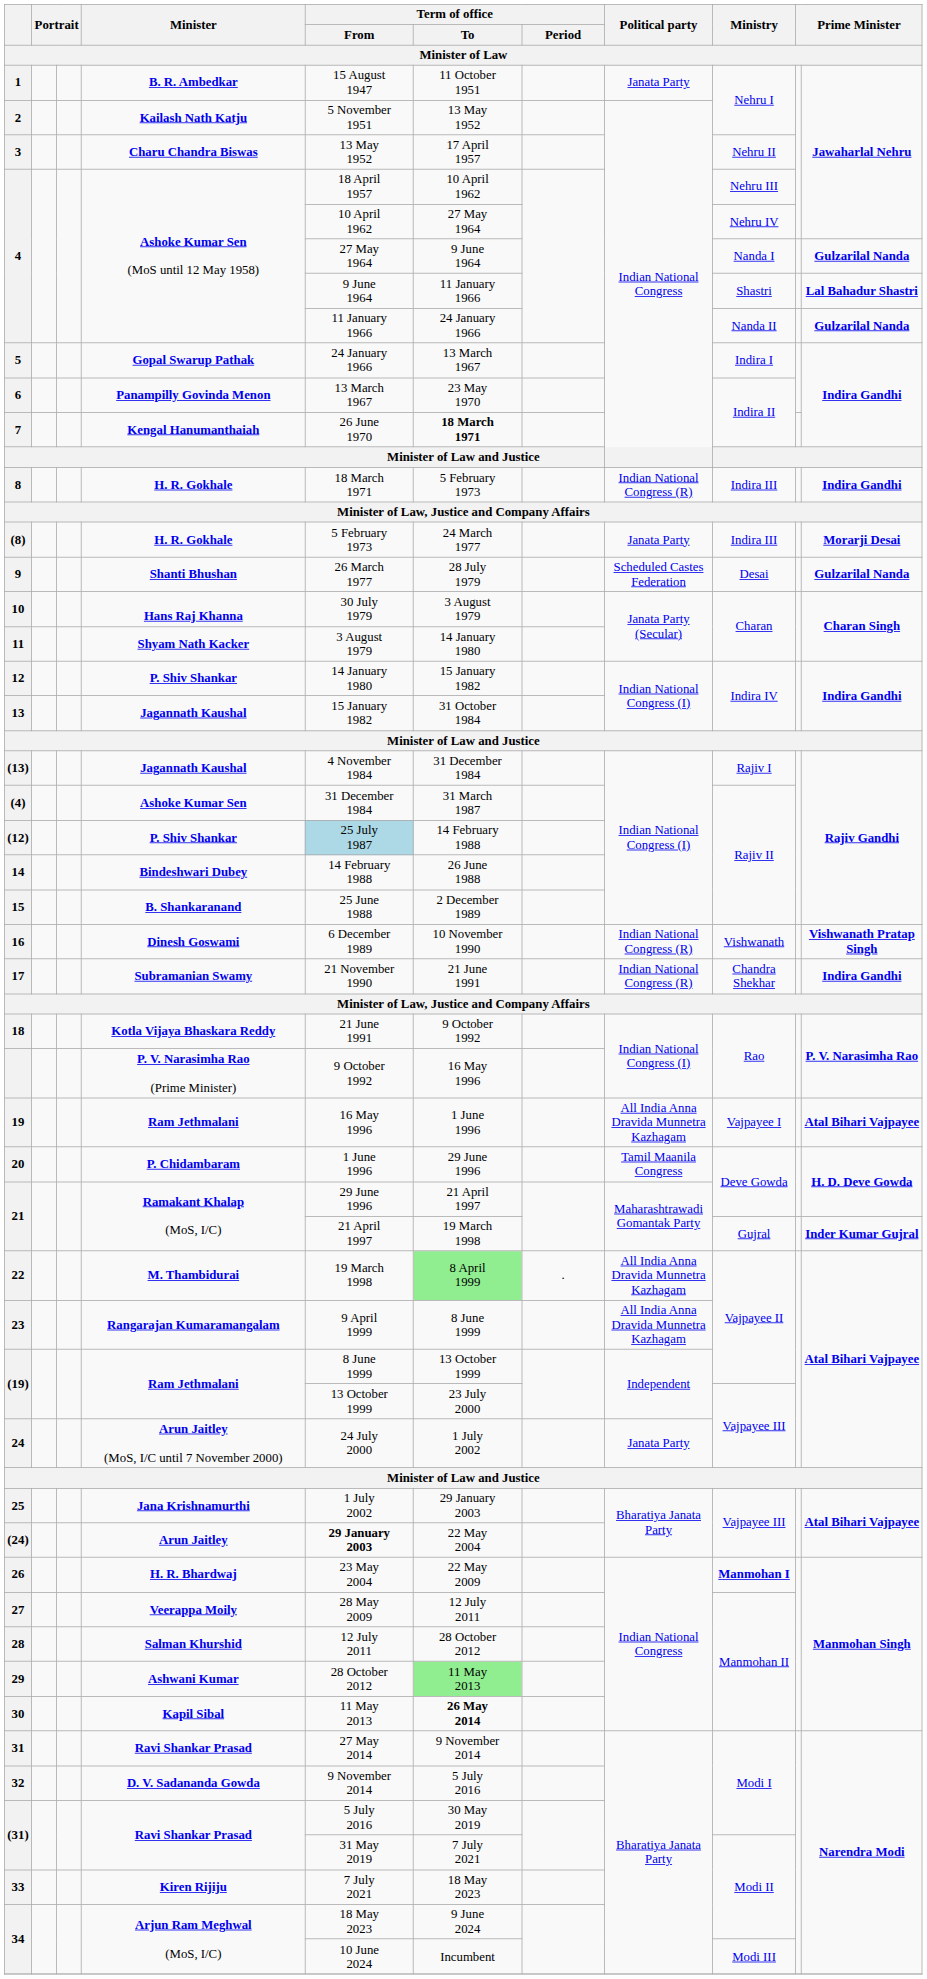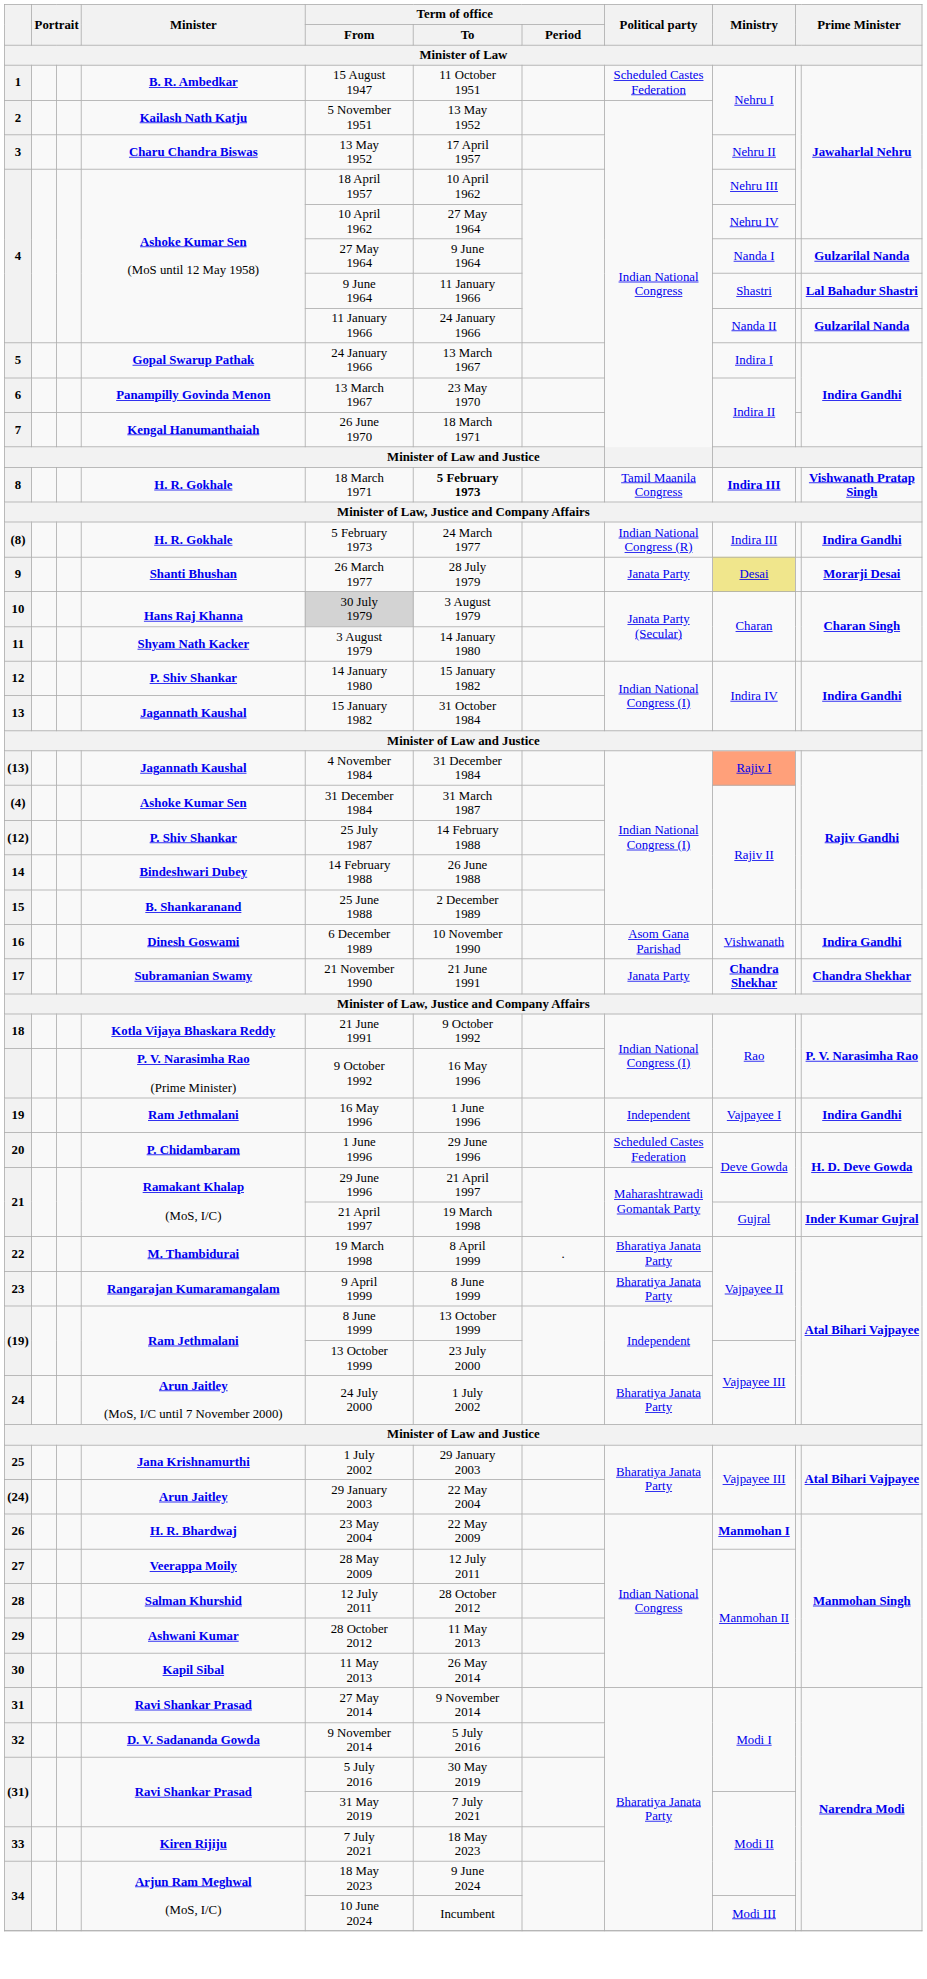 <table class="wikitable" style="text-align:center">
 <tr>
 <th rowspan="2"></th>
 <th rowspan="2" colspan="2">Portrait</th>
 <th rowspan="2" style="width:17em">Minister<br></th>
 <th colspan="3">Term of office</th>
 <th rowspan="2" style="width:8em">Political party</th>
 <th rowspan="2" style="width:6em">Ministry</th>
 <th rowspan="2" colspan="2">Prime Minister</th>
 </tr>
 <tr>
 <th style="width:8em">From</th>
 <th style="width:8em">To</th>
 <th style="width:6em">Period</th>
 </tr>
 <tr>
 <th colspan="11">Minister of Law</th>
 </tr>
 <tr>
 <th>1</th>
 <td></td>
 <td></td>
 <td><strong><a href='#'>B. R. Ambedkar</a></strong><br></td>
 <td>15 August<br>1947</td>
 <td>11 October<br>1951</td>
 <td><strong></strong></td>
-<td><a href='#'>Janata Party</a></td>
+<td><a href='#'>Scheduled Castes Federation</a></td>
 <td rowspan="2"><a href='#'>Nehru I</a></td>
 <td rowspan="5"></td>
 <td rowspan="5" style="width:9em"><strong><a href='#'>Jawaharlal Nehru</a></strong></td>
 </tr>
 <tr>
 <th>2</th>
 <td></td>
 <td></td>
 <td><strong><a href='#'>Kailash Nath Katju</a></strong><br></td>
 <td>5 November<br>1951</td>
 <td>13 May<br>1952</td>
 <td><strong></strong></td>
 <td rowspan="11"><a href='#'>Indian National Congress</a></td>
 </tr>
 <tr>
 <th>3</th>
 <td></td>
 <td></td>
 <td><strong><a href='#'>Charu Chandra Biswas</a></strong><br></td>
 <td>13 May<br>1952</td>
 <td>17 April<br>1957</td>
 <td><strong></strong></td>
 <td><a href='#'>Nehru II</a></td>
 </tr>
 <tr>
 <th rowspan="5">4</th>
 <td rowspan="5"></td>
 <td rowspan="5"></td>
 <td rowspan="5"><strong><a href='#'>Ashoke Kumar Sen</a></strong><br><br>(MoS until 12 May 1958)</td>
 <td>18 April<br>1957</td>
 <td>10 April<br>1962</td>
 <td rowspan="5"><strong></strong></td>
 <td><a href='#'>Nehru III</a></td>
 </tr>
 <tr>
 <td>10 April<br>1962</td>
 <td>27 May<br>1964</td>
 <td><a href='#'>Nehru IV</a></td>
 </tr>
 <tr>
 <td>27 May<br>1964</td>
 <td>9 June<br>1964</td>
 <td><a href='#'>Nanda I</a></td>
 <td></td>
 <td><strong><a href='#'>Gulzarilal Nanda</a></strong></td>
 </tr>
 <tr>
 <td>9 June<br>1964</td>
 <td>11 January<br>1966</td>
 <td><a href='#'>Shastri</a></td>
 <td></td>
 <td><strong><a href='#'>Lal Bahadur Shastri</a></strong></td>
 </tr>
 <tr>
 <td>11 January<br>1966</td>
 <td>24 January<br>1966</td>
 <td><a href='#'>Nanda II</a></td>
 <td></td>
 <td><strong><a href='#'>Gulzarilal Nanda</a></strong></td>
 </tr>
 <tr>
 <th>5</th>
 <td></td>
 <td></td>
 <td><strong><a href='#'>Gopal Swarup Pathak</a></strong><br></td>
 <td>24 January<br>1966</td>
 <td>13 March<br>1967</td>
 <td><strong></strong></td>
 <td><a href='#'>Indira I</a></td>
 <td rowspan="2"></td>
 <td rowspan="3"><strong><a href='#'>Indira Gandhi</a></strong></td>
 </tr>
 <tr>
 <th>6</th>
 <td></td>
 <td></td>
 <td><strong><a href='#'>Panampilly Govinda Menon</a></strong><br></td>
 <td>13 March<br>1967</td>
 <td>23 May<br>1970</td>
 <td><strong></strong></td>
 <td rowspan="2"><a href='#'>Indira II</a></td>
 </tr>
 <tr>
 <th>7</th>
 <td></td>
 <td></td>
 <td><strong><a href='#'>Kengal Hanumanthaiah</a></strong><br></td>
 <td>26 June<br>1970</td>
-<td><strong>18 March<br>1971</strong></td>
+<td>18 March<br>1971</td>
 <td><strong></strong></td>
 <td></td>
 </tr>
 <tr>
 <th colspan="11">Minister of Law and Justice</th>
 </tr>
 <tr>
 <th>8</th>
 <td></td>
 <td></td>
 <td><strong><a href='#'>H. R. Gokhale</a></strong><br></td>
 <td>18 March<br>1971</td>
-<td>5 February<br>1973</td>
+<td><strong>5 February<br>1973</strong></td>
 <td><strong></strong></td>
-<td><a href='#'>Indian National Congress (R)</a></td>
-<td><a href='#'>Indira III</a></td>
+<td><a href='#'>Tamil Maanila Congress</a></td>
+<td><strong><a href='#'>Indira III</a></strong></td>
 <td></td>
-<td><strong><a href='#'>Indira Gandhi</a></strong></td>
+<td><strong><a href='#'>Vishwanath Pratap Singh</a></strong></td>
 </tr>
 <tr>
 <th colspan="11">Minister of Law, Justice and Company Affairs</th>
 </tr>
 <tr>
 <th>(8)</th>
 <td></td>
 <td></td>
 <td><strong><a href='#'>H. R. Gokhale</a></strong><br></td>
 <td>5 February<br>1973</td>
 <td>24 March<br>1977</td>
 <td><strong></strong></td>
-<td><a href='#'>Janata Party</a></td>
+<td><a href='#'>Indian National Congress (R)</a></td>
 <td><a href='#'>Indira III</a></td>
 <td></td>
-<td><strong><a href='#'>Morarji Desai</a></strong></td>
+<td><strong><a href='#'>Indira Gandhi</a></strong></td>
 </tr>
 <tr>
 <th>9</th>
 <td></td>
 <td></td>
 <td><strong><a href='#'>Shanti Bhushan</a></strong><br></td>
 <td>26 March<br>1977</td>
 <td>28 July<br>1979</td>
 <td><strong></strong></td>
-<td><a href='#'>Scheduled Castes Federation</a></td>
-<td><a href='#'>Desai</a></td>
+<td><a href='#'>Janata Party</a></td>
+<td style="background: khaki;"><a href='#'>Desai</a></td>
 <td></td>
-<td><strong><a href='#'>Gulzarilal Nanda</a></strong></td>
+<td><strong><a href='#'>Morarji Desai</a></strong></td>
 </tr>
 <tr>
 <th>10</th>
 <td></td>
 <td></td>
 <td><br><strong><a href='#'>Hans Raj Khanna</a></strong><br></td>
-<td>30 July<br>1979</td>
+<td style="background: lightgrey;">30 July<br>1979</td>
 <td>3 August<br>1979</td>
 <td><strong></strong></td>
 <td rowspan="2"><a href='#'>Janata Party (Secular)</a></td>
 <td rowspan="2"><a href='#'>Charan</a></td>
 <td rowspan="2"></td>
 <td rowspan="2"><strong><a href='#'>Charan Singh</a></strong></td>
 </tr>
 <tr>
 <th>11</th>
 <td></td>
 <td></td>
 <td><strong><a href='#'>Shyam Nath Kacker</a></strong><br></td>
 <td>3 August<br>1979</td>
 <td>14 January<br>1980</td>
 <td><strong></strong></td>
 </tr>
 <tr>
 <th>12</th>
 <td></td>
 <td></td>
 <td><strong><a href='#'>P. Shiv Shankar</a></strong><br></td>
 <td>14 January<br>1980</td>
 <td>15 January<br>1982</td>
 <td><strong></strong></td>
 <td rowspan="2"><a href='#'>Indian National Congress (I)</a></td>
 <td rowspan="2"><a href='#'>Indira IV</a></td>
 <td rowspan="2"></td>
 <td rowspan="2"><strong><a href='#'>Indira Gandhi</a></strong></td>
 </tr>
 <tr>
 <th>13</th>
 <td></td>
 <td></td>
 <td><strong><a href='#'>Jagannath Kaushal</a></strong><br></td>
 <td>15 January<br>1982</td>
 <td>31 October<br>1984</td>
 <td><strong></strong></td>
 </tr>
 <tr>
 <th colspan="11">Minister of Law and Justice</th>
 </tr>
 <tr>
 <th>(13)</th>
 <td></td>
 <td></td>
 <td><strong><a href='#'>Jagannath Kaushal</a></strong><br></td>
 <td>4 November<br>1984</td>
 <td>31 December<br>1984</td>
 <td><strong></strong></td>
 <td rowspan="5"><a href='#'>Indian National Congress (I)</a></td>
-<td><a href='#'>Rajiv I</a></td>
+<td style="background: lightsalmon;"><a href='#'>Rajiv I</a></td>
 <td rowspan="5"></td>
 <td rowspan="5"><strong><a href='#'>Rajiv Gandhi</a></strong></td>
 </tr>
 <tr>
 <th>(4)</th>
 <td></td>
 <td></td>
 <td><strong><a href='#'>Ashoke Kumar Sen</a></strong><br></td>
 <td>31 December<br>1984</td>
 <td>31 March<br>1987</td>
 <td><strong></strong></td>
 <td rowspan="4"><a href='#'>Rajiv II</a></td>
 </tr>
 <tr>
 <th>(12)</th>
 <td></td>
 <td></td>
 <td><strong><a href='#'>P. Shiv Shankar</a></strong><br></td>
-<td style="background: lightblue;">25 July<br>1987</td>
+<td>25 July<br>1987</td>
 <td>14 February<br>1988</td>
 <td><strong></strong></td>
 </tr>
 <tr>
 <th>14</th>
 <td></td>
 <td></td>
 <td><strong><a href='#'>Bindeshwari Dubey</a></strong><br></td>
 <td>14 February<br>1988</td>
 <td>26 June<br>1988</td>
 <td><strong></strong></td>
 </tr>
 <tr>
 <th>15</th>
 <td></td>
 <td></td>
 <td><strong><a href='#'>B. Shankaranand</a></strong><br></td>
 <td>25 June<br>1988</td>
 <td>2 December<br>1989</td>
 <td><strong></strong></td>
 </tr>
 <tr>
 <th>16</th>
 <td></td>
 <td></td>
 <td><strong><a href='#'>Dinesh Goswami</a></strong><br></td>
 <td>6 December<br>1989</td>
 <td>10 November<br>1990</td>
 <td><strong></strong></td>
-<td><a href='#'>Indian National Congress (R)</a></td>
+<td><a href='#'>Asom Gana Parishad</a></td>
 <td><a href='#'>Vishwanath</a></td>
 <td></td>
-<td><strong><a href='#'>Vishwanath Pratap Singh</a></strong></td>
+<td><strong><a href='#'>Indira Gandhi</a></strong></td>
 </tr>
 <tr>
 <th>17</th>
 <td></td>
 <td></td>
 <td><strong><a href='#'>Subramanian Swamy</a></strong><br></td>
 <td>21 November<br>1990</td>
 <td>21 June<br>1991</td>
 <td><strong></strong></td>
-<td><a href='#'>Indian National Congress (R)</a></td>
-<td><a href='#'>Chandra Shekhar</a></td>
+<td><a href='#'>Janata Party</a></td>
+<td><strong><a href='#'>Chandra Shekhar</a></strong></td>
 <td></td>
-<td><strong><a href='#'>Indira Gandhi</a></strong></td>
+<td><strong><a href='#'>Chandra Shekhar</a></strong></td>
 </tr>
 <tr>
 <th colspan="11">Minister of Law, Justice and Company Affairs</th>
 </tr>
 <tr>
 <th>18</th>
 <td></td>
 <td></td>
 <td><strong><a href='#'>Kotla Vijaya Bhaskara Reddy</a></strong><br></td>
 <td>21 June<br>1991</td>
 <td>9 October<br>1992</td>
 <td><strong></strong></td>
 <td rowspan="2"><a href='#'>Indian National Congress (I)</a></td>
 <td rowspan="2"><a href='#'>Rao</a></td>
 <td rowspan="2"></td>
 <td rowspan="2"><strong><a href='#'>P. V. Narasimha Rao</a></strong></td>
 </tr>
 <tr>
 <th></th>
 <td></td>
 <td></td>
 <td><strong><a href='#'>P. V. Narasimha Rao</a></strong><br><br>(Prime Minister)</td>
 <td>9 October<br>1992</td>
 <td>16 May<br>1996</td>
 <td><strong></strong></td>
 </tr>
 <tr>
 <th>19</th>
 <td></td>
 <td></td>
 <td><strong><a href='#'>Ram Jethmalani</a></strong><br></td>
 <td>16 May<br>1996</td>
 <td>1 June<br>1996</td>
 <td><strong></strong></td>
-<td><a href='#'>All India Anna Dravida Munnetra Kazhagam</a></td>
+<td><a href='#'>Independent</a></td>
 <td><a href='#'>Vajpayee I</a></td>
 <td></td>
-<td><strong><a href='#'>Atal Bihari Vajpayee</a></strong></td>
+<td><strong><a href='#'>Indira Gandhi</a></strong></td>
 </tr>
 <tr>
 <th>20</th>
 <td></td>
 <td></td>
 <td><strong><a href='#'>P. Chidambaram</a></strong><br></td>
 <td>1 June<br>1996</td>
 <td>29 June<br>1996</td>
 <td><strong></strong></td>
-<td><a href='#'>Tamil Maanila Congress</a></td>
+<td><a href='#'>Scheduled Castes Federation</a></td>
 <td rowspan="2"><a href='#'>Deve Gowda</a></td>
 <td rowspan="2"></td>
 <td rowspan="2"><strong><a href='#'>H. D. Deve Gowda</a></strong></td>
 </tr>
 <tr>
 <th rowspan="2">21</th>
 <td rowspan="2"></td>
 <td rowspan="2"></td>
 <td rowspan="2"><strong><a href='#'>Ramakant Khalap</a></strong><br><br>(MoS, I/C)</td>
 <td>29 June<br>1996</td>
 <td>21 April<br>1997</td>
 <td rowspan="2"><strong></strong></td>
 <td rowspan="2"><a href='#'>Maharashtrawadi Gomantak Party</a></td>
 </tr>
 <tr>
 <td>21 April<br>1997</td>
 <td>19 March<br>1998</td>
 <td><a href='#'>Gujral</a></td>
 <td></td>
 <td><strong><a href='#'>Inder Kumar Gujral</a></strong></td>
 </tr>
 <tr>
 <th>22</th>
 <td></td>
 <td></td>
 <td><strong><a href='#'>M. Thambidurai</a></strong><br></td>
 <td>19 March<br>1998</td>
-<td style="background: lightgreen;">8 April<br>1999</td>
+<td>8 April<br>1999</td>
 <td><strong></strong>.</td>
-<td><a href='#'>All India Anna Dravida Munnetra Kazhagam</a></td>
+<td><a href='#'>Bharatiya Janata Party</a></td>
 <td rowspan="3"><a href='#'>Vajpayee II</a></td>
 <td rowspan="5"></td>
 <td rowspan="5"><strong><a href='#'>Atal Bihari Vajpayee</a></strong></td>
 </tr>
 <tr>
 <th>23</th>
 <td></td>
 <td></td>
 <td><strong><a href='#'>Rangarajan Kumaramangalam</a></strong><br></td>
 <td>9 April<br>1999</td>
 <td>8 June<br>1999</td>
 <td><strong></strong></td>
-<td><a href='#'>All India Anna Dravida Munnetra Kazhagam</a></td>
+<td><a href='#'>Bharatiya Janata Party</a></td>
 </tr>
 <tr>
 <th rowspan="2">(19)</th>
 <td rowspan="2"></td>
 <td rowspan="2"></td>
 <td rowspan="2"><strong><a href='#'>Ram Jethmalani</a></strong><br></td>
 <td>8 June<br>1999</td>
 <td>13 October<br>1999</td>
 <td rowspan="2"><strong></strong></td>
 <td rowspan="2"><a href='#'>Independent</a></td>
 </tr>
 <tr>
 <td>13 October<br>1999</td>
 <td>23 July<br>2000</td>
 <td rowspan="2"><a href='#'>Vajpayee III</a></td>
 </tr>
 <tr>
 <th>24</th>
 <td></td>
 <td></td>
 <td><strong><a href='#'>Arun Jaitley</a></strong><br><br>(MoS, I/C until 7 November 2000)</td>
 <td>24 July<br>2000</td>
 <td>1 July<br>2002</td>
 <td><strong></strong></td>
-<td><a href='#'>Janata Party</a></td>
+<td><a href='#'>Bharatiya Janata Party</a></td>
 </tr>
 <tr>
 <th colspan="11">Minister of Law and Justice</th>
 </tr>
 <tr>
 <th>25</th>
 <td></td>
 <td></td>
 <td><strong><a href='#'>Jana Krishnamurthi</a></strong><br></td>
 <td>1 July<br>2002</td>
 <td>29 January<br>2003</td>
 <td><strong></strong></td>
 <td rowspan="2"><a href='#'>Bharatiya Janata Party</a></td>
 <td rowspan="2"><a href='#'>Vajpayee III</a></td>
 <td rowspan="2"></td>
 <td rowspan="2"><strong><a href='#'>Atal Bihari Vajpayee</a></strong></td>
 </tr>
 <tr>
 <th>(24)</th>
 <td></td>
 <td></td>
 <td><strong><a href='#'>Arun Jaitley</a></strong><br></td>
-<td><strong>29 January<br>2003</strong></td>
+<td>29 January<br>2003</td>
 <td>22 May<br>2004</td>
 <td><strong></strong></td>
 </tr>
 <tr>
 <th>26</th>
 <td></td>
 <td></td>
 <td><strong><a href='#'>H. R. Bhardwaj</a></strong><br></td>
 <td>23 May<br>2004</td>
 <td>22 May<br>2009</td>
 <td><strong></strong></td>
 <td rowspan="5"><a href='#'>Indian National Congress</a></td>
 <td><strong><a href='#'>Manmohan I</a></strong></td>
 <td rowspan="5"></td>
 <td rowspan="5"><strong><a href='#'>Manmohan Singh</a></strong></td>
 </tr>
 <tr>
 <th>27</th>
 <td></td>
 <td></td>
 <td><strong><a href='#'>Veerappa Moily</a></strong><br></td>
 <td>28 May<br>2009</td>
 <td>12 July<br>2011</td>
 <td><strong></strong></td>
 <td rowspan="4"><a href='#'>Manmohan II</a></td>
 </tr>
 <tr>
 <th>28</th>
 <td></td>
 <td></td>
 <td><strong><a href='#'>Salman Khurshid</a></strong><br></td>
 <td>12 July<br>2011</td>
 <td>28 October<br>2012</td>
 <td><strong></strong></td>
 </tr>
 <tr>
 <th>29</th>
 <td></td>
 <td></td>
 <td><strong><a href='#'>Ashwani Kumar</a></strong><br></td>
 <td>28 October<br>2012</td>
-<td style="background: lightgreen;">11 May<br>2013</td>
+<td>11 May<br>2013</td>
 <td><strong></strong></td>
 </tr>
 <tr>
 <th>30</th>
 <td></td>
 <td></td>
 <td><strong><a href='#'>Kapil Sibal</a></strong><br></td>
 <td>11 May<br>2013</td>
-<td><strong>26 May<br>2014</strong></td>
+<td>26 May<br>2014</td>
 <td><strong></strong></td>
 </tr>
 <tr>
 <th>31</th>
 <td></td>
 <td></td>
 <td><strong><a href='#'>Ravi Shankar Prasad</a></strong><br></td>
 <td>27 May<br>2014</td>
 <td>9 November<br>2014</td>
 <td><strong></strong></td>
 <td rowspan="7"><a href='#'>Bharatiya Janata Party</a></td>
 <td rowspan="3"><a href='#'>Modi I</a></td>
 <td rowspan="7"></td>
 <td rowspan="7"><strong><a href='#'>Narendra Modi</a></strong></td>
 </tr>
 <tr>
 <th>32</th>
 <td></td>
 <td></td>
 <td><strong><a href='#'>D. V. Sadananda Gowda</a></strong><br></td>
 <td>9 November<br>2014</td>
 <td>5 July<br>2016</td>
 <td><strong></strong></td>
 </tr>
 <tr>
 <th rowspan="2">(31)</th>
 <td rowspan="2"></td>
 <td rowspan="2"></td>
 <td rowspan="2"><strong><a href='#'>Ravi Shankar Prasad</a></strong><br></td>
 <td>5 July<br>2016</td>
 <td>30 May<br>2019</td>
 <td rowspan="2"><strong></strong></td>
 </tr>
 <tr>
 <td>31 May<br>2019</td>
 <td>7 July<br>2021</td>
 <td rowspan="3"><a href='#'>Modi II</a></td>
 </tr>
 <tr>
 <th>33</th>
 <td></td>
 <td></td>
 <td><strong><a href='#'>Kiren Rijiju</a></strong><br></td>
 <td>7 July<br>2021</td>
 <td>18 May<br>2023</td>
 <td><strong></strong></td>
 </tr>
 <tr>
 <th rowspan="2">34</th>
 <td rowspan="2"></td>
 <td rowspan="2"></td>
 <td rowspan="2"><strong><a href='#'>Arjun Ram Meghwal</a></strong><br><br>(MoS, I/C)</td>
 <td>18 May<br>2023</td>
 <td>9 June<br>2024</td>
 <td rowspan="2"><strong></strong></td>
 </tr>
 <tr>
 <td>10 June<br>2024</td>
 <td>Incumbent</td>
 <td><a href='#'>Modi III</a></td>
 </tr>
 <tr>
 </tr>
 </table>
